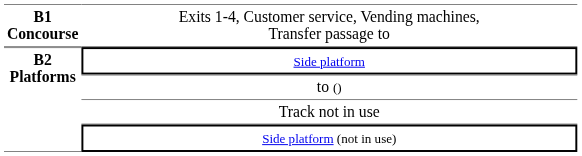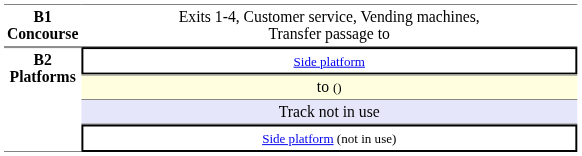 <table table border=0 cellspacing=0 cellpadding=3>
 <tr>
 <td style="border-bottom:solid 1px gray; border-top:solid 1px gray;text-align:center" valign=top><strong>B1<br>Concourse</strong></td>
 <td style="border-bottom:solid 1px gray; border-top:solid 1px gray;text-align:center;" valign=top width=500>Exits 1-4, Customer service, Vending machines,<br>Transfer passage to </td>
 </tr>
 <tr>
 <td style="border-bottom:solid 1px gray; border-top:solid 1px gray;text-align:center" rowspan="4" valign=top><strong>B2<br>Platforms</strong></td>
 <td style="border-right:solid 2px black;border-left:solid 2px black;border-top:solid 2px black;border-bottom:solid 2px black;text-align:center;" colspan=2><small><a href='#'>Side platform</a></small></td>
 </tr>
 <tr>
-<td style="border-bottom:solid 1px gray; border-top:solid 1px gray;text-align:center;">  to  <small>()</small></td>
+<td style="background: lightyellow; border-bottom:solid 1px gray; border-top:solid 1px gray;text-align:center;">  to  <small>()</small></td>
 </tr>
 <tr>
-<td style="border-bottom:solid 1px gray;text-align:center;">Track not in use</td>
+<td style="background: lavender; border-bottom:solid 1px gray;text-align:center;">Track not in use</td>
 </tr>
 <tr>
 <td style="border-right:solid 2px black;border-left:solid 2px black;border-top:solid 2px black;border-bottom:solid 2px black;text-align:center;" colspan=2><small><a href='#'>Side platform</a> (not in use)</small></td>
 </tr>
 </table>
